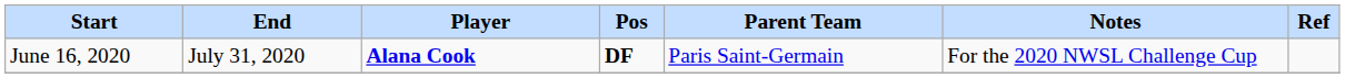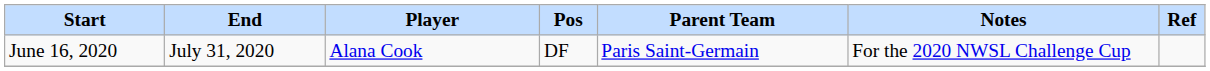 <table class="wikitable" style="text-align:left;">
 <tr>
 <th style="background:#c2ddff; width:125px;">Start</th>
 <th style="background:#c2ddff; width:125px;">End</th>
 <th style="background:#c2ddff; width:170px;">Player</th>
 <th style="background:#c2ddff; width:40px;">Pos</th>
 <th style="background:#c2ddff; width:200px;">Parent Team</th>
 <th style="background:#c2ddff; width:250px;">Notes</th>
 <th style="background:#c2ddff; width:30px;">Ref</th>
 </tr>
 <tr>
 <td>June 16, 2020</td>
 <td>July 31, 2020</td>
-<td><strong> <a href='#'>Alana Cook</a></strong></td>
-<td><strong>DF</strong></td>
+<td> <a href='#'>Alana Cook</a></td>
+<td>DF</td>
 <td> <a href='#'>Paris Saint-Germain</a></td>
 <td>For the <a href='#'>2020 NWSL Challenge Cup</a></td>
 <td></td>
 </tr>
 <tr>
 </tr>
 </table>
